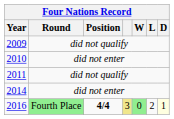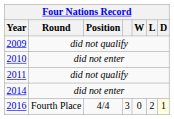 <table class="wikitable" style="text-align: center;">
 <tr>
 <th colspan=9><a href='#'>Four Nations Record</a></th>
 </tr>
 <tr>
 <th>Year</th>
 <th>Round</th>
 <th>Position</th>
 <th></th>
 <th>W</th>
 <th>L</th>
 <th>D</th>
 </tr>
 <tr>
 <td>  <a href='#'>2009</a></td>
 <td colspan=8><em>did not qualify</em></td>
 </tr>
 <tr>
 <td>  <a href='#'>2010</a></td>
 <td colspan=8><em>did not enter</em></td>
 </tr>
 <tr>
 <td>  <a href='#'>2011</a></td>
 <td colspan=8><em>did not qualify</em></td>
 </tr>
 <tr>
 <td>  <a href='#'>2014</a></td>
 <td colspan=8><em>did not enter</em></td>
 </tr>
 <tr>
 <td> <a href='#'>2016</a></td>
-<td style="background: lightgreen;">Fourth Place</td>
-<td><strong>4/4</strong></td>
-<td style="background: khaki;">3</td>
-<td style="background: lightgreen;">0</td>
+<td>Fourth Place</td>
+<td>4/4</td>
+<td>3</td>
+<td>0</td>
 <td>2</td>
 <td style="background: lightyellow;">1</td>
 </tr>
 </table>
